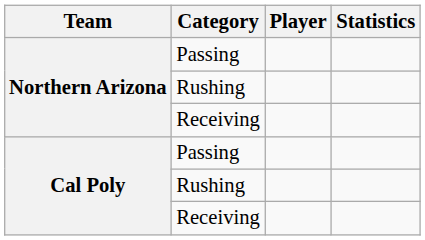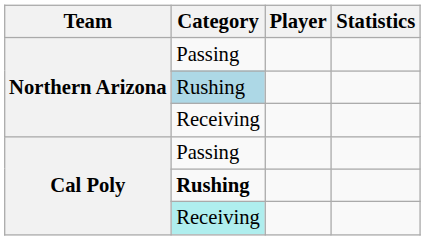 <table class="wikitable" style="float:right">
 <tr>
 <th>Team</th>
 <th>Category</th>
 <th>Player</th>
 <th>Statistics</th>
 </tr>
 <tr>
 <th rowspan=3>Northern Arizona</th>
 <td>Passing</td>
 <td></td>
 <td></td>
 </tr>
 <tr>
-<td>Rushing</td>
+<td style="background: lightblue;">Rushing</td>
 <td></td>
 <td></td>
 </tr>
 <tr>
 <td>Receiving</td>
 <td></td>
 <td></td>
 </tr>
 <tr>
 <th rowspan=3>Cal Poly</th>
 <td>Passing</td>
 <td></td>
 <td></td>
 </tr>
 <tr>
-<td>Rushing</td>
+<td><strong>Rushing</strong></td>
 <td></td>
 <td></td>
 </tr>
 <tr>
-<td>Receiving</td>
+<td style="background: paleturquoise;">Receiving</td>
 <td></td>
 <td></td>
 </tr>
 </table>
